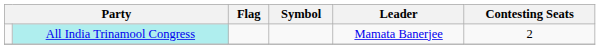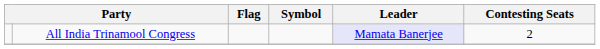 <table class="wikitable" width="60%" style="text-align:center">
 <tr>
 <th colspan="2">Party</th>
 <th>Flag</th>
 <th>Symbol</th>
 <th>Leader</th>
 <th>Contesting Seats</th>
 </tr>
 <tr>
 <td></td>
-<td style="background: paleturquoise;"><a href='#'>All India Trinamool Congress</a></td>
+<td><a href='#'>All India Trinamool Congress</a></td>
 <td></td>
 <td></td>
-<td><a href='#'>Mamata Banerjee</a></td>
+<td style="background: lavender;"><a href='#'>Mamata Banerjee</a></td>
 <td>2</td>
 </tr>
 <tr>
 </tr>
 </table>
